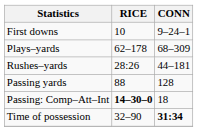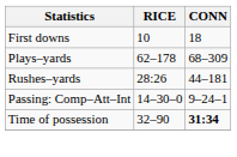 <table class="wikitable" style="float: left;">
 <tr>
 <th>Statistics</th>
 <th>RICE</th>
 <th>CONN</th>
 </tr>
 <tr>
 <td>First downs</td>
 <td>10</td>
-<td>9–24–1</td>
+<td>18</td>
 </tr>
 <tr>
 <td>Plays–yards</td>
 <td>62–178</td>
 <td>68–309</td>
 </tr>
 <tr>
 <td>Rushes–yards</td>
 <td>28:26</td>
 <td>44–181</td>
 </tr>
 <tr>
-<td>Passing yards</td>
-<td>88</td>
-<td>128</td>
-</tr>
-<tr>
 <td>Passing: Comp–Att–Int</td>
-<td><strong>14–30–0</strong></td>
-<td>18</td>
+<td>14–30–0</td>
+<td>9–24–1</td>
 </tr>
 <tr>
 <td>Time of possession</td>
 <td>32–90</td>
 <td><strong>31:34</strong></td>
 </tr>
 <tr>
 </tr>
 </table>
